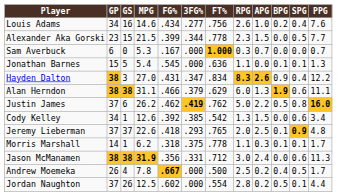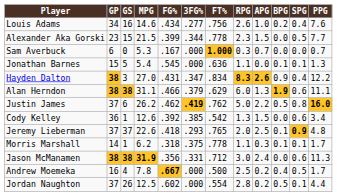 <table class="wikitable sortable">
 <tr>
 <th style="background:#492f24; color:white">Player</th>
 <th style="background:#492f24; color:white">GP</th>
 <th style="background:#492f24; color:white">GS</th>
 <th style="background:#492f24; color:white">MPG</th>
 <th style="background:#492f24; color:white">FG%</th>
 <th style="background:#492f24; color:white">3FG%</th>
 <th style="background:#492f24; color:white">FT%</th>
 <th style="background:#492f24; color:white;">RPG</th>
 <th style="background:#492f24; color:white;">APG</th>
 <th style="background:#492f24; color:white;">BPG</th>
 <th style="background:#492f24; color:white;">SPG</th>
 <th style="background:#492f24; color:white;">PPG</th>
 </tr>
 <tr>
 <td>Louis Adams</td>
 <td>34</td>
 <td>16</td>
 <td>14.6</td>
 <td>.434</td>
 <td>.277</td>
 <td>.756</td>
 <td>2.6</td>
 <td>1.0</td>
 <td>0.2</td>
 <td>0.4</td>
 <td>7.6</td>
 </tr>
 <tr>
 <td>Alexander Aka Gorski</td>
 <td>23</td>
 <td>15</td>
 <td>21.5</td>
 <td>.399</td>
 <td>.344</td>
 <td>.778</td>
 <td>2.3</td>
 <td>1.5</td>
 <td>0.0</td>
 <td>0.5</td>
 <td>7.7</td>
 </tr>
 <tr>
 <td>Sam Averbuck</td>
 <td>6</td>
 <td>0</td>
 <td>5.3</td>
 <td>.167</td>
 <td>.000</td>
 <td style="background:#ffc425"><strong>1.000</strong></td>
 <td>0.3</td>
 <td>0.7</td>
 <td>0.0</td>
 <td>0.0</td>
 <td>0.7</td>
 </tr>
 <tr>
 <td>Jonathan Barnes</td>
 <td>15</td>
 <td>5</td>
 <td>5.4</td>
 <td>.545</td>
 <td>.000</td>
 <td>.636</td>
 <td>1.1</td>
 <td>0.0</td>
 <td>0.1</td>
 <td>0.1</td>
 <td>1.3</td>
 </tr>
 <tr>
 <td><a href='#'>Hayden Dalton</a></td>
 <td style="background:#ffc425"><strong>38</strong></td>
 <td>3</td>
 <td>27.0</td>
 <td>.431</td>
 <td>.347</td>
 <td>.834</td>
 <td style="background:#ffc425"><strong>8.3</strong></td>
 <td style="background:#ffc425"><strong>2.6</strong></td>
 <td>0.9</td>
 <td>0.4</td>
 <td>12.2</td>
 </tr>
 <tr>
 <td>Alan Herndon</td>
 <td style="background:#ffc425"><strong>38</strong></td>
 <td style="background:#ffc425"><strong>38</strong></td>
 <td>31.1</td>
 <td>.466</td>
 <td>.379</td>
 <td>.629</td>
 <td>6.0</td>
 <td>1.3</td>
 <td style="background:#ffc425"><strong>1.9</strong></td>
 <td>0.6</td>
 <td>11.1</td>
 </tr>
 <tr>
 <td>Justin James</td>
 <td>37</td>
 <td>6</td>
 <td>26.2</td>
 <td>.462</td>
 <td style="background:#ffc425"><strong>.419</strong></td>
 <td>.762</td>
 <td>5.0</td>
 <td>2.2</td>
 <td>0.5</td>
 <td>0.8</td>
 <td style="background:#ffc425"><strong>16.0</strong></td>
 </tr>
 <tr>
 <td>Cody Kelley</td>
-<td>34</td>
+<td>36</td>
 <td>1</td>
 <td>12.6</td>
 <td>.392</td>
 <td>.385</td>
 <td>.542</td>
 <td>1.3</td>
 <td>1.5</td>
 <td>0.0</td>
 <td>0.6</td>
 <td>3.4</td>
 </tr>
 <tr>
 <td>Jeremy Lieberman</td>
 <td>37</td>
 <td>37</td>
 <td>22.6</td>
 <td>.418</td>
 <td>.293</td>
 <td>.765</td>
 <td>2.0</td>
 <td>2.5</td>
 <td>0.1</td>
 <td style="background:#ffc425"><strong>0.9</strong></td>
 <td>4.8</td>
 </tr>
 <tr>
 <td>Morris Marshall</td>
 <td>14</td>
 <td>1</td>
 <td>6.2</td>
 <td>.318</td>
 <td>.375</td>
 <td>.778</td>
 <td>1.1</td>
 <td>0.3</td>
 <td>0.1</td>
 <td>0.1</td>
 <td>1.7</td>
 </tr>
 <tr>
 <td>Jason McManamen</td>
 <td style="background:#ffc425"><strong>38</strong></td>
 <td style="background:#ffc425"><strong>38</strong></td>
 <td style="background:#ffc425"><strong>31.9</strong></td>
 <td>.356</td>
 <td>.331</td>
 <td>.712</td>
 <td>3.0</td>
 <td>2.4</td>
 <td>0.0</td>
 <td>0.6</td>
 <td>11.3</td>
 </tr>
 <tr>
 <td>Andrew Moemeka</td>
-<td>26</td>
+<td>16</td>
 <td>4</td>
 <td>7.8</td>
 <td style="background:#ffc425"><strong>.667</strong></td>
 <td>.000</td>
 <td>.500</td>
 <td>2.5</td>
 <td>0.2</td>
 <td>0.4</td>
 <td>0.5</td>
 <td>1.7</td>
 </tr>
 <tr>
 <td>Jordan Naughton</td>
 <td>37</td>
 <td>26</td>
 <td>12.5</td>
 <td>.602</td>
 <td>.000</td>
 <td>.554</td>
 <td>2.8</td>
 <td>0.2</td>
 <td>0.5</td>
 <td>0.1</td>
 <td>4.4</td>
 </tr>
 </table>
